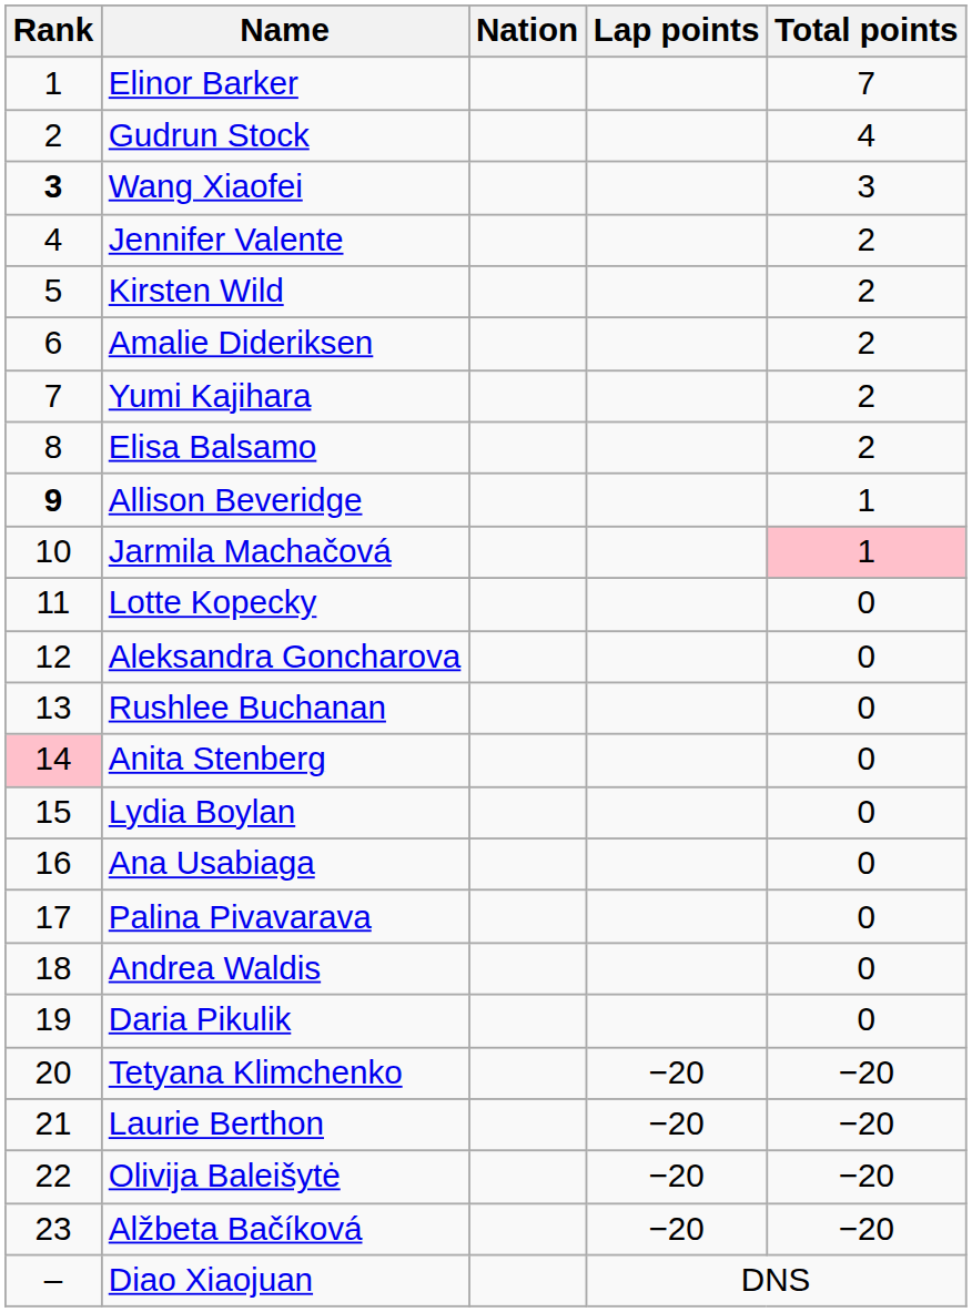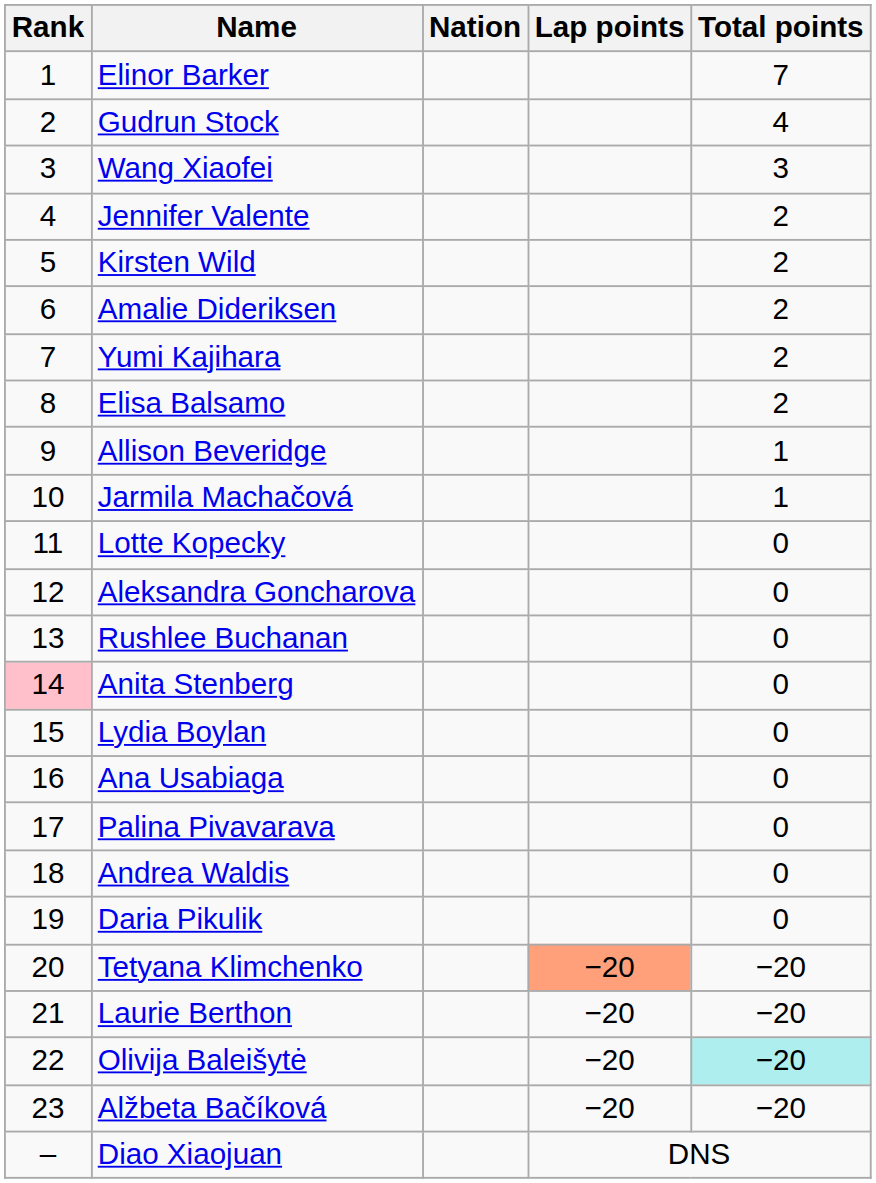 <table class="wikitable sortable" style="text-align:center">
 <tr>
 <th>Rank</th>
 <th>Name</th>
 <th>Nation</th>
 <th>Lap points</th>
 <th>Total points</th>
 </tr>
 <tr>
 <td>1</td>
 <td align=left><a href='#'>Elinor Barker</a></td>
 <td align=left></td>
 <td></td>
 <td>7</td>
 </tr>
 <tr>
 <td>2</td>
 <td align=left><a href='#'>Gudrun Stock</a></td>
 <td align=left></td>
 <td></td>
 <td>4</td>
 </tr>
 <tr>
-<td><strong>3</strong></td>
+<td>3</td>
 <td align=left><a href='#'>Wang Xiaofei</a></td>
 <td align=left></td>
 <td></td>
 <td>3</td>
 </tr>
 <tr>
 <td>4</td>
 <td align=left><a href='#'>Jennifer Valente</a></td>
 <td align=left></td>
 <td></td>
 <td>2</td>
 </tr>
 <tr>
 <td>5</td>
 <td align=left><a href='#'>Kirsten Wild</a></td>
 <td align=left></td>
 <td></td>
 <td>2</td>
 </tr>
 <tr>
 <td>6</td>
 <td align=left><a href='#'>Amalie Dideriksen</a></td>
 <td align=left></td>
 <td></td>
 <td>2</td>
 </tr>
 <tr>
 <td>7</td>
 <td align=left><a href='#'>Yumi Kajihara</a></td>
 <td align=left></td>
 <td></td>
 <td>2</td>
 </tr>
 <tr>
 <td>8</td>
 <td align=left><a href='#'>Elisa Balsamo</a></td>
 <td align=left></td>
 <td></td>
 <td>2</td>
 </tr>
 <tr>
-<td><strong>9</strong></td>
+<td>9</td>
 <td align=left><a href='#'>Allison Beveridge</a></td>
 <td align=left></td>
 <td></td>
 <td>1</td>
 </tr>
 <tr>
 <td>10</td>
 <td align=left><a href='#'>Jarmila Machačová</a></td>
 <td align=left></td>
 <td></td>
-<td style="background: pink;">1</td>
+<td>1</td>
 </tr>
 <tr>
 <td>11</td>
 <td align=left><a href='#'>Lotte Kopecky</a></td>
 <td align=left></td>
 <td></td>
 <td>0</td>
 </tr>
 <tr>
 <td>12</td>
 <td align=left><a href='#'>Aleksandra Goncharova</a></td>
 <td align=left></td>
 <td></td>
 <td>0</td>
 </tr>
 <tr>
 <td>13</td>
 <td align=left><a href='#'>Rushlee Buchanan</a></td>
 <td align=left></td>
 <td></td>
 <td>0</td>
 </tr>
 <tr>
 <td style="background: pink;">14</td>
 <td align=left><a href='#'>Anita Stenberg</a></td>
 <td align=left></td>
 <td></td>
 <td>0</td>
 </tr>
 <tr>
 <td>15</td>
 <td align=left><a href='#'>Lydia Boylan</a></td>
 <td align=left></td>
 <td></td>
 <td>0</td>
 </tr>
 <tr>
 <td>16</td>
 <td align=left><a href='#'>Ana Usabiaga</a></td>
 <td align=left></td>
 <td></td>
 <td>0</td>
 </tr>
 <tr>
 <td>17</td>
 <td align=left><a href='#'>Palina Pivavarava</a></td>
 <td align=left></td>
 <td></td>
 <td>0</td>
 </tr>
 <tr>
 <td>18</td>
 <td align=left><a href='#'>Andrea Waldis</a></td>
 <td align=left></td>
 <td></td>
 <td>0</td>
 </tr>
 <tr>
 <td>19</td>
 <td align=left><a href='#'>Daria Pikulik</a></td>
 <td align=left></td>
 <td></td>
 <td>0</td>
 </tr>
 <tr>
 <td>20</td>
 <td align=left><a href='#'>Tetyana Klimchenko</a></td>
 <td align=left></td>
-<td>−20</td>
+<td style="background: lightsalmon;">−20</td>
 <td>−20</td>
 </tr>
 <tr>
 <td>21</td>
 <td align=left><a href='#'>Laurie Berthon</a></td>
 <td align=left></td>
 <td>−20</td>
 <td>−20</td>
 </tr>
 <tr>
 <td>22</td>
 <td align=left><a href='#'>Olivija Baleišytė</a></td>
 <td align=left></td>
 <td>−20</td>
-<td>−20</td>
+<td style="background: paleturquoise;">−20</td>
 </tr>
 <tr>
 <td>23</td>
 <td align=left><a href='#'>Alžbeta Bačíková</a></td>
 <td align=left></td>
 <td>−20</td>
 <td>−20</td>
 </tr>
 <tr>
 <td>–</td>
 <td align=left><a href='#'>Diao Xiaojuan</a></td>
 <td align=left></td>
 <td colspan=2>DNS</td>
 </tr>
 </table>
